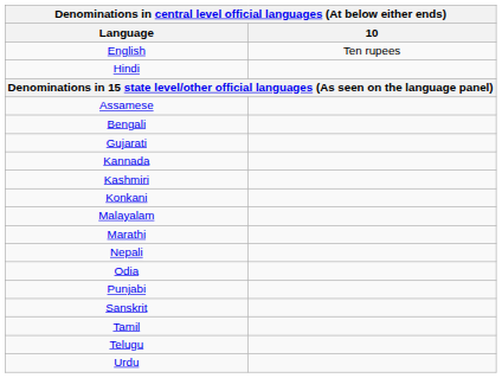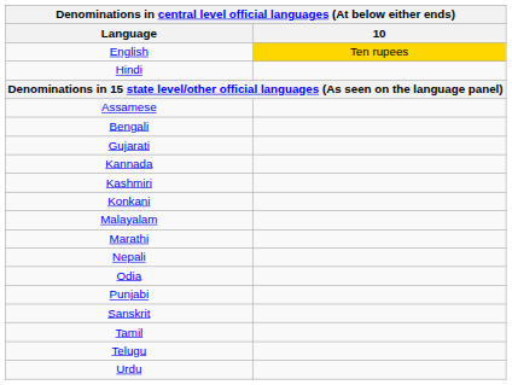 <table class="wikitable" style="text-align:center">
 <tr>
 <th colspan="2">Denominations in <a href='#'>central level official languages</a> (At below either ends)</th>
 </tr>
 <tr>
 <th>Language</th>
 <th>10</th>
 </tr>
 <tr>
 <td><a href='#'>English</a></td>
-<td>Ten rupees</td>
+<td style="background: gold;">Ten rupees</td>
 </tr>
 <tr>
 <td><a href='#'>Hindi</a></td>
 <td></td>
 </tr>
 <tr>
 <th colspan="12">Denominations in 15 <a href='#'>state level/other official languages</a> (As seen on the language panel)</th>
 </tr>
 <tr>
 <td><a href='#'>Assamese</a></td>
 <td></td>
 </tr>
 <tr>
 <td><a href='#'>Bengali</a></td>
 <td></td>
 </tr>
 <tr>
 <td><a href='#'>Gujarati</a></td>
 <td></td>
 </tr>
 <tr>
 <td><a href='#'>Kannada</a></td>
 <td></td>
 </tr>
 <tr>
 <td><a href='#'>Kashmiri</a></td>
 <td></td>
 </tr>
 <tr>
 <td><a href='#'>Konkani</a></td>
 <td></td>
 </tr>
 <tr>
 <td><a href='#'>Malayalam</a></td>
 <td></td>
 </tr>
 <tr>
 <td><a href='#'>Marathi</a></td>
 <td></td>
 </tr>
 <tr>
 <td><a href='#'>Nepali</a></td>
 <td></td>
 </tr>
 <tr>
 <td><a href='#'>Odia</a></td>
 <td></td>
 </tr>
 <tr>
 <td><a href='#'>Punjabi</a></td>
 <td></td>
 </tr>
 <tr>
 <td><a href='#'>Sanskrit</a></td>
 <td></td>
 </tr>
 <tr>
 <td><a href='#'>Tamil</a></td>
 <td></td>
 </tr>
 <tr>
 <td><a href='#'>Telugu</a></td>
 <td></td>
 </tr>
 <tr>
 <td><a href='#'>Urdu</a></td>
 <td></td>
 </tr>
 </table>
